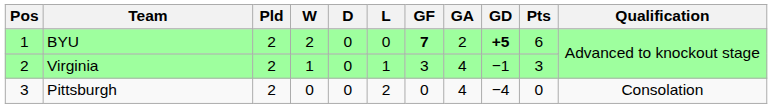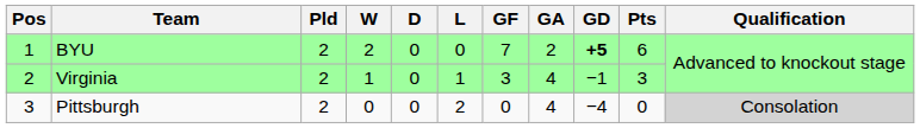 <table class="wikitable" style="text-align:center; margin: 1em auto">
 <tr>
 <th style=width:2em>Pos</th>
 <th style=width:13em>Team</th>
 <th style=width:2em>Pld</th>
 <th style=width:2em>W</th>
 <th style=width:2em>D</th>
 <th style=width:2em>L</th>
 <th style=width:2em>GF</th>
 <th style=width:2em>GA</th>
 <th style=width:2em>GD</th>
 <th style=width:2em>Pts</th>
 <th style=width:13em>Qualification</th>
 </tr>
 <tr bgcolor="#9eff9e">
 <td>1</td>
 <td style="text-align:left">BYU</td>
 <td>2</td>
 <td>2</td>
 <td>0</td>
 <td>0</td>
-<td><strong>7</strong></td>
+<td>7</td>
 <td>2</td>
 <td><strong>+5</strong></td>
 <td>6</td>
 <td rowspan="2">Advanced to knockout stage</td>
 </tr>
 <tr bgcolor="#9eff9e">
 <td>2</td>
 <td style="text-align:left">Virginia</td>
 <td>2</td>
 <td>1</td>
 <td>0</td>
 <td>1</td>
 <td>3</td>
 <td>4</td>
 <td>−1</td>
 <td>3</td>
 </tr>
 <tr>
 <td>3</td>
 <td style="text-align:left">Pittsburgh</td>
 <td>2</td>
 <td>0</td>
 <td>0</td>
 <td>2</td>
 <td>0</td>
 <td>4</td>
 <td>−4</td>
 <td>0</td>
-<td>Consolation</td>
+<td style="background: lightgrey;">Consolation</td>
 </tr>
 </table>
